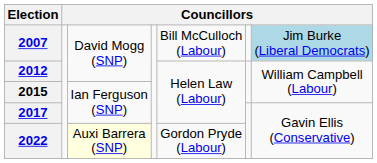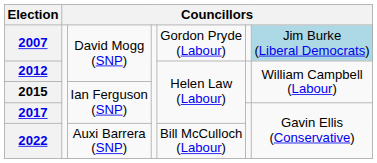 <table class="wikitable" style="text-align:center">
 <tr>
 <th>Election</th>
 <th colspan=6>Councillors</th>
 </tr>
 <tr>
 <th><a href='#'>2007</a></th>
 <td rowspan=5; style="background-color: "></td>
 <td rowspan=2>David Mogg<br>(<a href='#'>SNP</a>)</td>
 <td rowspan=5; style="background-color: "></td>
-<td rowspan=1>Bill McCulloch<br>(<a href='#'>Labour</a>)</td>
+<td rowspan=1>Gordon Pryde<br>(<a href='#'>Labour</a>)</td>
 <td rowspan=1; style="background-color: "></td>
 <td rowspan=1 style="background: lightblue;">Jim Burke<br>(<a href='#'>Liberal Democrats</a>)</td>
 </tr>
 <tr>
 <th><a href='#'>2012</a></th>
 <td rowspan=3>Helen Law<br>(<a href='#'>Labour</a>)</td>
 <td rowspan=2; style="background-color: "></td>
 <td rowspan=2>William Campbell<br>(<a href='#'>Labour</a>)</td>
 </tr>
 <tr>
 <th>2015</th>
 <td rowspan=2>Ian Ferguson<br>(<a href='#'>SNP</a>)</td>
 </tr>
 <tr>
 <th><a href='#'>2017</a></th>
 <td rowspan=2; style="background-color: "></td>
 <td rowspan=2>Gavin Ellis<br>(<a href='#'>Conservative</a>)</td>
 </tr>
 <tr>
 <th><a href='#'>2022</a></th>
-<td rowspan=1 style="background: lightyellow;">Auxi Barrera<br>(<a href='#'>SNP</a>)</td>
-<td rowspan=1>Gordon Pryde<br>(<a href='#'>Labour</a>)</td>
+<td rowspan=1>Auxi Barrera<br>(<a href='#'>SNP</a>)</td>
+<td rowspan=1>Bill McCulloch<br>(<a href='#'>Labour</a>)</td>
 </tr>
 </table>
